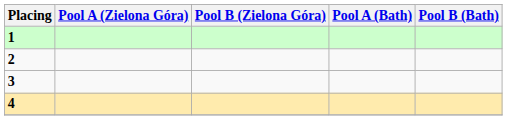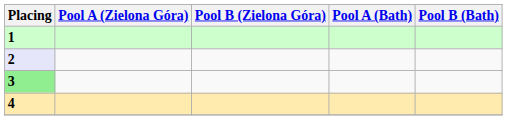 <table class=wikitable style="border:1px solid #AAAAAA;">
 <tr>
 <th>Placing</th>
 <th><a href='#'>Pool A (Zielona Góra)</a></th>
 <th><a href='#'>Pool B (Zielona Góra)</a></th>
 <th><a href='#'>Pool A (Bath)</a></th>
 <th><a href='#'>Pool B (Bath)</a></th>
 </tr>
 <tr style="background: #ccffcc;">
 <td><strong>1</strong></td>
 <td></td>
 <td></td>
 <td></td>
 <td></td>
 </tr>
 <tr>
-<td><strong>2</strong></td>
+<td style="background: lavender;"><strong>2</strong></td>
 <td></td>
 <td></td>
 <td></td>
 <td></td>
 </tr>
 <tr>
-<td><strong>3</strong></td>
+<td style="background: lightgreen;"><strong>3</strong></td>
 <td></td>
 <td></td>
 <td></td>
 <td></td>
 </tr>
 <tr style="background: #ffebad;">
 <td><strong>4</strong></td>
 <td></td>
 <td></td>
 <td></td>
 <td></td>
 </tr>
 <tr>
 </tr>
 </table>
